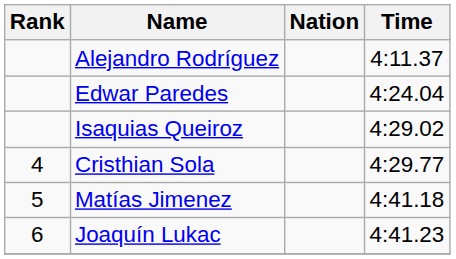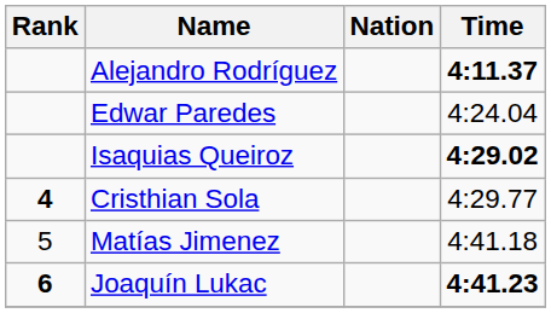 <table class="wikitable sortable" style="text-align:center">
 <tr>
 <th>Rank</th>
 <th>Name</th>
 <th>Nation</th>
 <th>Time</th>
 </tr>
 <tr>
 <td></td>
 <td align=left><a href='#'>Alejandro Rodríguez</a></td>
 <td align=left></td>
-<td>4:11.37</td>
+<td><strong>4:11.37</strong></td>
 </tr>
 <tr>
 <td></td>
 <td align=left><a href='#'>Edwar Paredes</a></td>
 <td align=left></td>
 <td>4:24.04</td>
 </tr>
 <tr>
 <td></td>
 <td align=left><a href='#'>Isaquias Queiroz</a></td>
 <td align=left></td>
-<td>4:29.02</td>
+<td><strong>4:29.02</strong></td>
 </tr>
 <tr>
-<td>4</td>
+<td><strong>4</strong></td>
 <td align=left><a href='#'>Cristhian Sola</a></td>
 <td align=left></td>
 <td>4:29.77</td>
 </tr>
 <tr>
 <td>5</td>
 <td align=left><a href='#'>Matías Jimenez</a></td>
 <td align=left></td>
 <td>4:41.18</td>
 </tr>
 <tr>
-<td>6</td>
+<td><strong>6</strong></td>
 <td align=left><a href='#'>Joaquín Lukac</a></td>
 <td align=left></td>
-<td>4:41.23</td>
+<td><strong>4:41.23</strong></td>
 </tr>
 <tr>
 </tr>
 </table>
